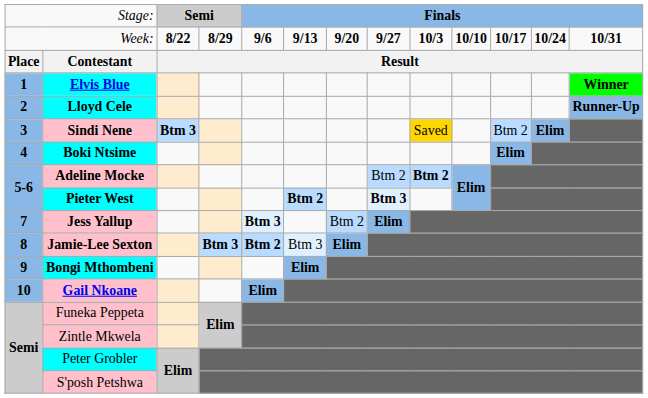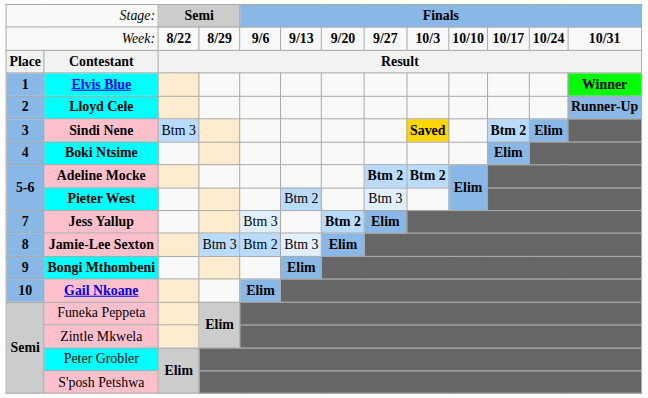 <table class="wikitable" style="margin:1em auto; text-align:center; font-size:85%">
 <tr>
 <td align="right" colspan=2><em>Stage:</em></td>
 <td bgcolor="CCCCCC" colspan=2><strong>Semi</strong></td>
 <td bgcolor="8AB8E6" colspan=9><strong>Finals</strong></td>
 </tr>
 <tr>
 <td align="right" colspan=2><em>Week:</em></td>
 <td><strong>8/22</strong></td>
 <td><strong>8/29</strong></td>
 <td><strong>9/6</strong></td>
 <td><strong>9/13</strong></td>
 <td><strong>9/20</strong></td>
 <td><strong>9/27</strong></td>
 <td><strong>10/3</strong></td>
 <td><strong>10/10</strong></td>
 <td><strong>10/17</strong></td>
 <td><strong>10/24</strong></td>
 <td><strong>10/31</strong></td>
 </tr>
 <tr>
 <th>Place</th>
 <th>Contestant</th>
 <th align="center" colspan=11>Result</th>
 </tr>
 <tr>
 <td bgcolor="8AB8E6"><strong>1</strong></td>
 <td bgcolor="cyan"><strong><a href='#'>Elvis Blue</a></strong></td>
 <td bgcolor="#FFEBCD"></td>
 <td></td>
 <td></td>
 <td></td>
 <td></td>
 <td></td>
 <td></td>
 <td></td>
 <td></td>
 <td></td>
 <td style="background:lime;"><strong>Winner</strong></td>
 </tr>
 <tr>
 <td bgcolor="8AB8E6"><strong>2</strong></td>
 <td bgcolor="cyan"><strong>Lloyd Cele</strong></td>
 <td bgcolor="#FFEBCD"></td>
 <td></td>
 <td></td>
 <td></td>
 <td></td>
 <td></td>
 <td></td>
 <td></td>
 <td></td>
 <td></td>
 <td style="background:#8ab8e6;"><strong>Runner-Up</strong></td>
 </tr>
 <tr>
 <td bgcolor="8AB8E6"><strong>3</strong></td>
 <td bgcolor="pink"><strong>Sindi Nene</strong></td>
-<td bgcolor="B8DBFF"><strong>Btm 3</strong></td>
+<td bgcolor="B8DBFF">Btm 3</td>
 <td bgcolor="#FFEBCD"></td>
 <td></td>
 <td></td>
 <td></td>
 <td></td>
-<td bgcolor="gold">Saved</td>
+<td bgcolor="gold"><strong>Saved</strong></td>
 <td></td>
-<td bgcolor="B8DBFF">Btm 2</td>
+<td bgcolor="B8DBFF"><strong>Btm 2</strong></td>
 <td style="background:#8ab8e6;"><strong>Elim</strong></td>
 <td bgcolor="666666"></td>
 </tr>
 <tr>
 <td bgcolor="8AB8E6"><strong>4</strong></td>
 <td bgcolor="cyan"><strong>Boki Ntsime</strong></td>
 <td></td>
 <td bgcolor="#FFEBCD"></td>
 <td></td>
 <td></td>
 <td></td>
 <td></td>
 <td></td>
 <td></td>
 <td style="background:#8ab8e6;"><strong>Elim</strong></td>
 <td bgcolor="666666" colspan=2></td>
 </tr>
 <tr>
 <td bgcolor="8AB8E6" rowspan="2"><strong>5-6</strong></td>
 <td bgcolor="pink"><strong>Adeline Mocke</strong></td>
 <td bgcolor="#FFEBCD"></td>
 <td></td>
 <td></td>
 <td></td>
 <td></td>
-<td bgcolor="B8DBFF">Btm 2</td>
+<td bgcolor="B8DBFF"><strong>Btm 2</strong></td>
 <td bgcolor="B8DBFF"><strong>Btm 2</strong></td>
 <td style="background:#8ab8e6;" rowspan="2"><strong>Elim</strong></td>
 <td bgcolor="666666" colspan=3></td>
 </tr>
 <tr>
 <td bgcolor="cyan"><strong>Pieter West</strong></td>
 <td></td>
 <td bgcolor="#FFEBCD"></td>
 <td></td>
-<td bgcolor="B8DBFF"><strong>Btm 2</strong></td>
+<td bgcolor="B8DBFF">Btm 2</td>
 <td></td>
-<td bgcolor="E0F0FF"><strong>Btm 3</strong></td>
+<td bgcolor="E0F0FF">Btm 3</td>
 <td></td>
 <td bgcolor="666666" colspan=3></td>
 </tr>
 <tr>
 <td bgcolor="8AB8E6"><strong>7</strong></td>
 <td bgcolor="pink"><strong>Jess Yallup</strong></td>
 <td></td>
 <td bgcolor="#FFEBCD"></td>
-<td bgcolor="E0F0FF"><strong>Btm 3</strong></td>
+<td bgcolor="E0F0FF">Btm 3</td>
 <td></td>
-<td bgcolor="B8DBFF">Btm 2</td>
+<td bgcolor="B8DBFF"><strong>Btm 2</strong></td>
 <td style="background:#8ab8e6;"><strong>Elim</strong></td>
 <td bgcolor="666666" colspan=5></td>
 </tr>
 <tr>
 <td bgcolor="8AB8E6"><strong>8</strong></td>
 <td bgcolor="pink"><strong>Jamie-Lee Sexton</strong></td>
 <td bgcolor="#FFEBCD"></td>
-<td bgcolor="B8DBFF"><strong>Btm 3</strong></td>
-<td bgcolor="B8DBFF"><strong>Btm 2</strong></td>
+<td bgcolor="B8DBFF">Btm 3</td>
+<td bgcolor="B8DBFF">Btm 2</td>
 <td bgcolor="E0F0FF">Btm 3</td>
 <td style="background:#8ab8e6;"><strong>Elim</strong></td>
 <td bgcolor="666666" colspan=6></td>
 </tr>
 <tr>
 <td bgcolor="8AB8E6"><strong>9</strong></td>
 <td bgcolor="cyan"><strong>Bongi Mthombeni</strong></td>
 <td></td>
 <td bgcolor="#FFEBCD"></td>
 <td></td>
 <td style="background:#8ab8e6;"><strong>Elim</strong></td>
 <td bgcolor="666666" colspan=7></td>
 </tr>
 <tr>
 <td bgcolor="8AB8E6"><strong>10</strong></td>
 <td bgcolor="pink"><strong><a href='#'>Gail Nkoane</a></strong></td>
 <td bgcolor="#FFEBCD"></td>
 <td></td>
 <td style="background:#8ab8e6;"><strong>Elim</strong></td>
 <td bgcolor="666666" colspan=8></td>
 </tr>
 <tr>
 <td rowspan=4 bgcolor="CCCCCC"><strong>Semi</strong></td>
 <td bgcolor="pink">Funeka Peppeta</td>
 <td bgcolor="#FFEBCD"></td>
 <td rowspan=2 bgcolor="CCCCCC"><strong>Elim</strong></td>
 <td bgcolor="666666" colspan=9></td>
 </tr>
 <tr>
 <td bgcolor="pink">Zintle Mkwela</td>
 <td bgcolor="#FFEBCD"></td>
 <td bgcolor="666666" colspan=9></td>
 </tr>
 <tr>
 <td bgcolor="cyan">Peter Grobler</td>
 <td rowspan=2 bgcolor="CCCCCC"><strong>Elim</strong></td>
 <td bgcolor="666666" colspan=10></td>
 </tr>
 <tr>
 <td bgcolor="pink">S'posh Petshwa</td>
 <td bgcolor="666666" colspan=10></td>
 </tr>
 </table>
